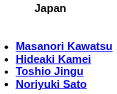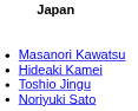 <table>
 <tr>
 <th>Japan</th>
 </tr>
 <tr>
-<td><strong><br><ul><li><a href='#'>Masanori Kawatsu</a></li><li><a href='#'>Hideaki Kamei</a></li><li><a href='#'>Toshio Jingu</a></li><li><a href='#'>Noriyuki Sato</a></li></ul></strong></td>
+<td><br><ul><li><a href='#'>Masanori Kawatsu</a></li><li><a href='#'>Hideaki Kamei</a></li><li><a href='#'>Toshio Jingu</a></li><li><a href='#'>Noriyuki Sato</a></li></ul></td>
 </tr>
 </table>
